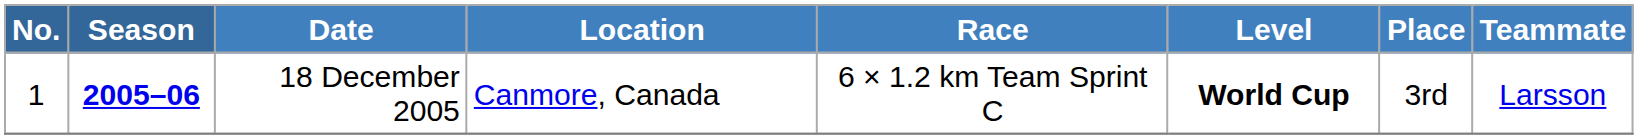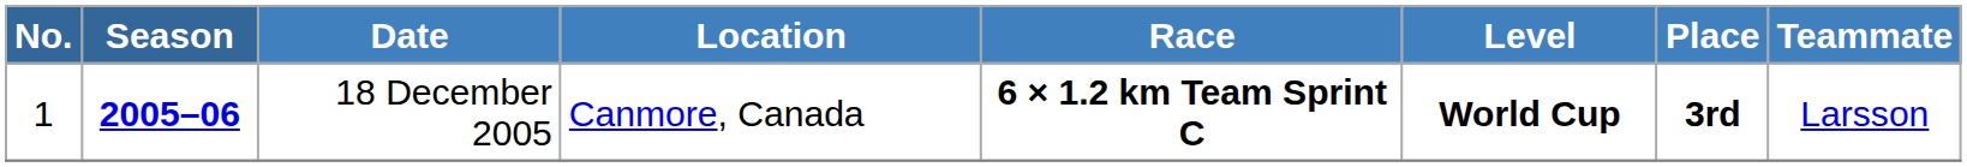 <table class="wikitable sortable" style="font-size:95%; text-align:center; border:grey solid 1px; border-collapse:collapse; background:#ffffff;">
 <tr style="background:#efefef;">
 <th style="background-color:#369; color:white;">No.</th>
 <th style="background-color:#369; color:white;">Season</th>
 <th style="background-color:#4180be; color:white; width:120px;">Date</th>
 <th style="background-color:#4180be; color:white; width:170px;">Location</th>
 <th style="background-color:#4180be; color:white; width:170px;">Race</th>
 <th style="background-color:#4180be; color:white; width:100px;">Level</th>
 <th style="background-color:#4180be; color:white;">Place</th>
 <th style="background-color:#4180be; color:white;">Teammate</th>
 </tr>
 <tr>
 <td align=center>1</td>
 <td rowspan=1 align=center><strong> <a href='#'>2005–06</a> </strong></td>
 <td align=right>18 December 2005</td>
 <td align=left> <a href='#'>Canmore</a>, Canada</td>
-<td>6 × 1.2 km Team Sprint C</td>
+<td><strong>6 × 1.2 km Team Sprint C</strong></td>
 <td><strong>World Cup</strong></td>
-<td>3rd</td>
+<td><strong>3rd</strong></td>
 <td><a href='#'>Larsson</a></td>
 </tr>
 <tr>
 </tr>
 </table>
